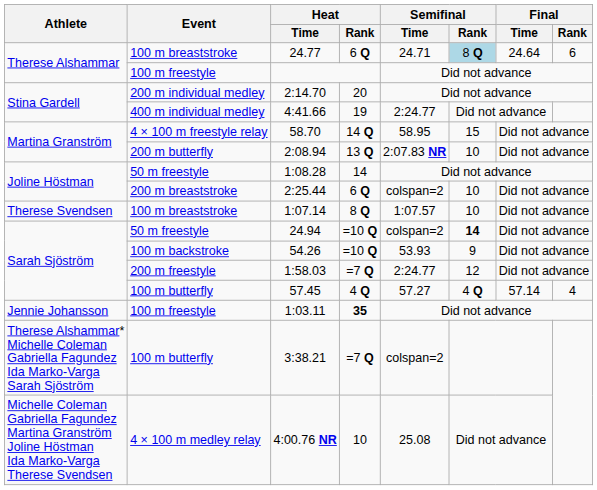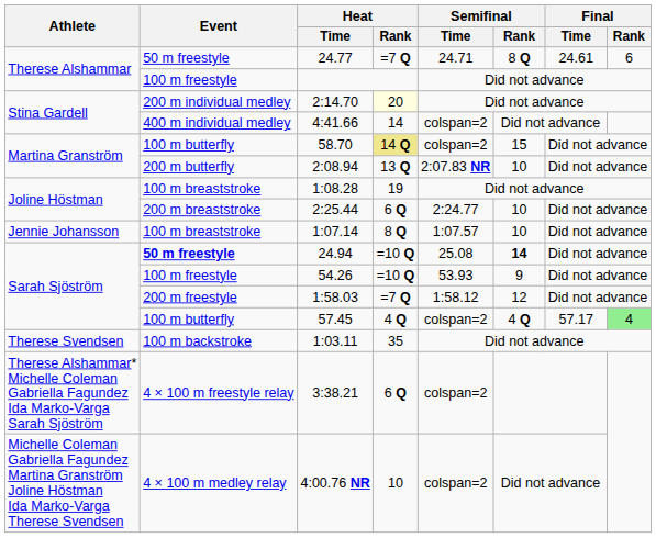 <table class=wikitable style="font-size:90%">
 <tr>
 <th rowspan="2">Athlete</th>
 <th rowspan="2">Event</th>
 <th colspan="2">Heat</th>
 <th colspan="2">Semifinal</th>
 <th colspan="2">Final</th>
 </tr>
 <tr style="font-size:95%">
 <th>Time</th>
 <th>Rank</th>
 <th>Time</th>
 <th>Rank</th>
 <th>Time</th>
 <th>Rank</th>
 </tr>
 <tr align=center>
 <td align=left rowspan=2><a href='#'>Therese Alshammar</a></td>
-<td align=left><a href='#'>100 m breaststroke</a></td>
+<td align=left><a href='#'>50 m freestyle</a></td>
 <td>24.77</td>
-<td>6 <strong>Q</strong></td>
+<td>=7 <strong>Q</strong></td>
 <td>24.71</td>
-<td style="background: lightblue;">8 <strong>Q</strong></td>
-<td>24.64</td>
+<td>8 <strong>Q</strong></td>
+<td>24.61</td>
 <td>6</td>
 </tr>
 <tr align=center>
 <td align=left><a href='#'>100 m freestyle</a></td>
 <td colspan=2></td>
 <td colspan=4>Did not advance</td>
 </tr>
 <tr align=center>
 <td align=left rowspan=2><a href='#'>Stina Gardell</a></td>
 <td align=left><a href='#'>200 m individual medley</a></td>
 <td>2:14.70</td>
-<td>20</td>
+<td style="background: lightyellow;">20</td>
 <td colspan=4>Did not advance</td>
 </tr>
 <tr align=center>
 <td align=left><a href='#'>400 m individual medley</a></td>
 <td>4:41.66</td>
-<td>19</td>
-<td>2:24.77</td>
+<td>14</td>
+<td>colspan=2 </td>
 <td colspan=2>Did not advance</td>
 </tr>
 <tr align=center>
 <td align=left rowspan=2><a href='#'>Martina Granström</a></td>
-<td align=left><a href='#'>4 × 100 m freestyle relay</a></td>
+<td align=left><a href='#'>100 m butterfly</a></td>
 <td>58.70</td>
-<td>14 <strong>Q</strong></td>
-<td>58.95</td>
+<td style="background: khaki;">14 <strong>Q</strong></td>
+<td>colspan=2 </td>
 <td>15</td>
 <td colspan=2>Did not advance</td>
 </tr>
 <tr align=center>
 <td align=left><a href='#'>200 m butterfly</a></td>
 <td>2:08.94</td>
 <td>13 <strong>Q</strong></td>
 <td>2:07.83 <strong><a href='#'>NR</a></strong></td>
 <td>10</td>
 <td colspan=2>Did not advance</td>
 </tr>
 <tr align=center>
 <td align=left rowspan=2><a href='#'>Joline Höstman</a></td>
-<td align=left><a href='#'>50 m freestyle</a></td>
+<td align=left><a href='#'>100 m breaststroke</a></td>
 <td>1:08.28</td>
-<td>14</td>
+<td>19</td>
 <td colspan=4>Did not advance</td>
 </tr>
 <tr align=center>
 <td align=left><a href='#'>200 m breaststroke</a></td>
 <td>2:25.44</td>
 <td>6 <strong>Q</strong></td>
-<td>colspan=2 </td>
+<td>2:24.77</td>
 <td>10</td>
 <td colspan=2>Did not advance</td>
 </tr>
 <tr align=center>
-<td align=left><a href='#'>Therese Svendsen</a></td>
+<td align=left><a href='#'>Jennie Johansson</a></td>
 <td align=left><a href='#'>100 m breaststroke</a></td>
 <td>1:07.14</td>
 <td>8 <strong>Q</strong></td>
 <td>1:07.57</td>
 <td>10</td>
 <td colspan=2>Did not advance</td>
 </tr>
 <tr align=center>
 <td align=left rowspan=4><a href='#'>Sarah Sjöström</a></td>
-<td align=left><a href='#'>50 m freestyle</a></td>
+<td align=left><strong><a href='#'>50 m freestyle</a></strong></td>
 <td>24.94</td>
 <td>=10 <strong>Q</strong></td>
-<td>colspan=2 </td>
+<td>25.08</td>
 <td><strong>14</strong></td>
 <td colspan=2>Did not advance</td>
 </tr>
 <tr align=center>
-<td align=left><a href='#'>100 m backstroke</a></td>
+<td align=left><a href='#'>100 m freestyle</a></td>
 <td>54.26</td>
 <td>=10 <strong>Q</strong></td>
 <td>53.93</td>
 <td>9</td>
 <td colspan=2>Did not advance</td>
 </tr>
 <tr align=center>
 <td align=left><a href='#'>200 m freestyle</a></td>
 <td>1:58.03</td>
 <td>=7 <strong>Q</strong></td>
-<td>2:24.77</td>
+<td>1:58.12</td>
 <td>12</td>
 <td colspan=2>Did not advance</td>
 </tr>
 <tr align=center>
 <td align=left><a href='#'>100 m butterfly</a></td>
 <td>57.45</td>
 <td>4 <strong>Q</strong></td>
-<td>57.27</td>
+<td>colspan=2 </td>
 <td>4 <strong>Q</strong></td>
-<td>57.14</td>
-<td>4</td>
+<td>57.17</td>
+<td style="background: lightgreen;">4</td>
 </tr>
 <tr align=center>
-<td align=left><a href='#'>Jennie Johansson</a></td>
-<td align=left><a href='#'>100 m freestyle</a></td>
+<td align=left><a href='#'>Therese Svendsen</a></td>
+<td align=left><a href='#'>100 m backstroke</a></td>
 <td>1:03.11</td>
-<td><strong>35</strong></td>
+<td>35</td>
 <td colspan=4>Did not advance</td>
 </tr>
 <tr align=center>
 <td align=left><a href='#'>Therese Alshammar</a>*<br><a href='#'>Michelle Coleman</a><br><a href='#'>Gabriella Fagundez</a><br><a href='#'>Ida Marko-Varga</a><br><a href='#'>Sarah Sjöström</a></td>
-<td align=left><a href='#'>100 m butterfly</a></td>
+<td align=left><a href='#'>4 × 100 m freestyle relay</a></td>
 <td>3:38.21</td>
-<td>=7 <strong>Q</strong></td>
+<td>6 <strong>Q</strong></td>
 <td>colspan=2 </td>
 <td colspan=2></td>
 </tr>
 <tr align=center>
 <td align=left><a href='#'>Michelle Coleman</a><br><a href='#'>Gabriella Fagundez</a><br><a href='#'>Martina Granström</a><br><a href='#'>Joline Höstman</a><br><a href='#'>Ida Marko-Varga</a><br><a href='#'>Therese Svendsen</a></td>
 <td align=left><a href='#'>4 × 100 m medley relay</a></td>
 <td>4:00.76 <strong><a href='#'>NR</a></strong></td>
 <td>10</td>
-<td>25.08</td>
+<td>colspan=2 </td>
 <td colspan=2>Did not advance</td>
 </tr>
 </table>
